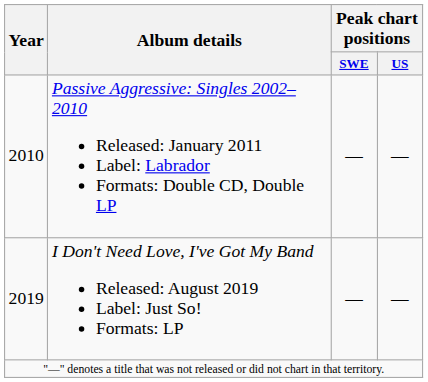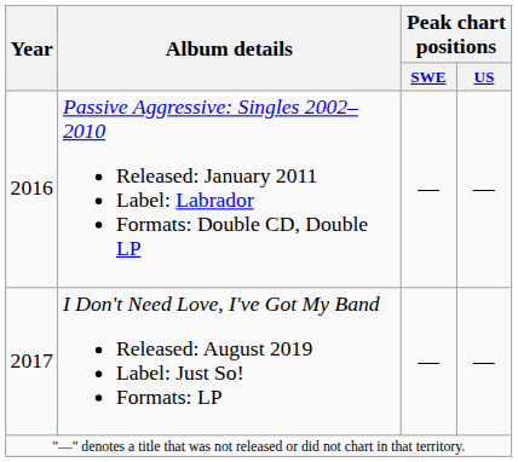 <table class="wikitable">
 <tr>
 <th rowspan="2">Year</th>
 <th rowspan="2" style="width:250px;">Album details</th>
 <th colspan="2" style="width:50px;">Peak chart positions</th>
 </tr>
 <tr>
 <th style="width:3em;font-size:75%"><a href='#'>SWE</a><br></th>
 <th style="width:3em;font-size:75%;"><a href='#'>US</a><br></th>
 </tr>
 <tr>
-<td>2010</td>
+<td>2016</td>
 <td><em><a href='#'>Passive Aggressive: Singles 2002–2010</a></em><br><ul><li>Released: January 2011</li><li>Label: <a href='#'>Labrador</a></li><li>Formats: Double CD, Double <a href='#'>LP</a></li></ul></td>
 <td style="text-align:center;">—</td>
 <td style="text-align:center;">—</td>
 </tr>
 <tr>
-<td>2019</td>
+<td>2017</td>
 <td><em>I Don't Need Love, I've Got My Band</em><br><ul><li>Released: August 2019</li><li>Label: Just So!</li><li>Formats: LP</li></ul></td>
 <td style="text-align:center;">—</td>
 <td style="text-align:center;">—</td>
 </tr>
 <tr>
 <td colspan="12" style="text-align:center; font-size:8pt;">"—" denotes a title that was not released or did not chart in that territory.</td>
 </tr>
 </table>
